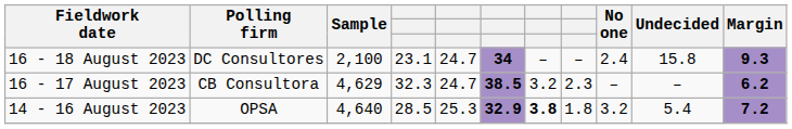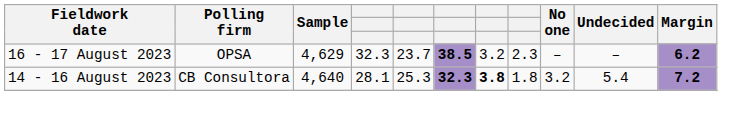 <table class="wikitable sortable tpl-blanktable" style="text-align:center;font-size:95%;line-height:14px;">
 <tr>
 <th rowspan="3">Fieldwork<br>date</th>
 <th rowspan="3">Polling<br>firm</th>
 <th rowspan="3">Sample</th>
 <th></th>
 <th></th>
 <th></th>
 <th></th>
 <th></th>
 <th rowspan="3">No<br>one</th>
 <th rowspan="3">Undecided</th>
 <th rowspan="3">Margin</th>
 </tr>
 <tr>
 <th></th>
 <th></th>
 <th></th>
 <th></th>
 <th></th>
 </tr>
 <tr>
 <th style="background:"></th>
 <th style="background:"></th>
 <th style="background:"></th>
 <th style="background:"></th>
 <th style="background:"></th>
 </tr>
 <tr>
-<td>16 - 18 August 2023</td>
-<td>DC Consultores</td>
-<td>2,100</td>
-<td>23.1</td>
-<td>24.7</td>
-<td style="background:#a68fc8; color:black;"><strong>34</strong></td>
-<td>–</td>
-<td>–</td>
-<td>2.4</td>
-<td>15.8</td>
-<td style="background:#a68fc8; color:black;"><strong>9.3</strong></td>
-</tr>
-<tr>
 <td>16 - 17 August 2023</td>
-<td>CB Consultora</td>
+<td>OPSA</td>
 <td>4,629</td>
 <td>32.3</td>
-<td>24.7</td>
+<td>23.7</td>
 <td style="background:#a68fc8; color:black;"><strong>38.5</strong></td>
 <td>3.2</td>
 <td>2.3</td>
 <td>–</td>
 <td>–</td>
 <td style="background:#a68fc8; color:black;"><strong>6.2</strong></td>
 </tr>
 <tr>
 <td>14 - 16 August 2023</td>
-<td>OPSA</td>
+<td>CB Consultora</td>
 <td>4,640</td>
-<td>28.5</td>
+<td>28.1</td>
 <td>25.3</td>
-<td style="background:#a68fc8; color:black;"><strong>32.9</strong></td>
+<td style="background:#a68fc8; color:black;"><strong>32.3</strong></td>
 <td><strong>3.8</strong></td>
 <td>1.8</td>
 <td>3.2</td>
 <td>5.4</td>
 <td style="background:#a68fc8; color:black;"><strong>7.2</strong></td>
 </tr>
 <tr>
 </tr>
 </table>
